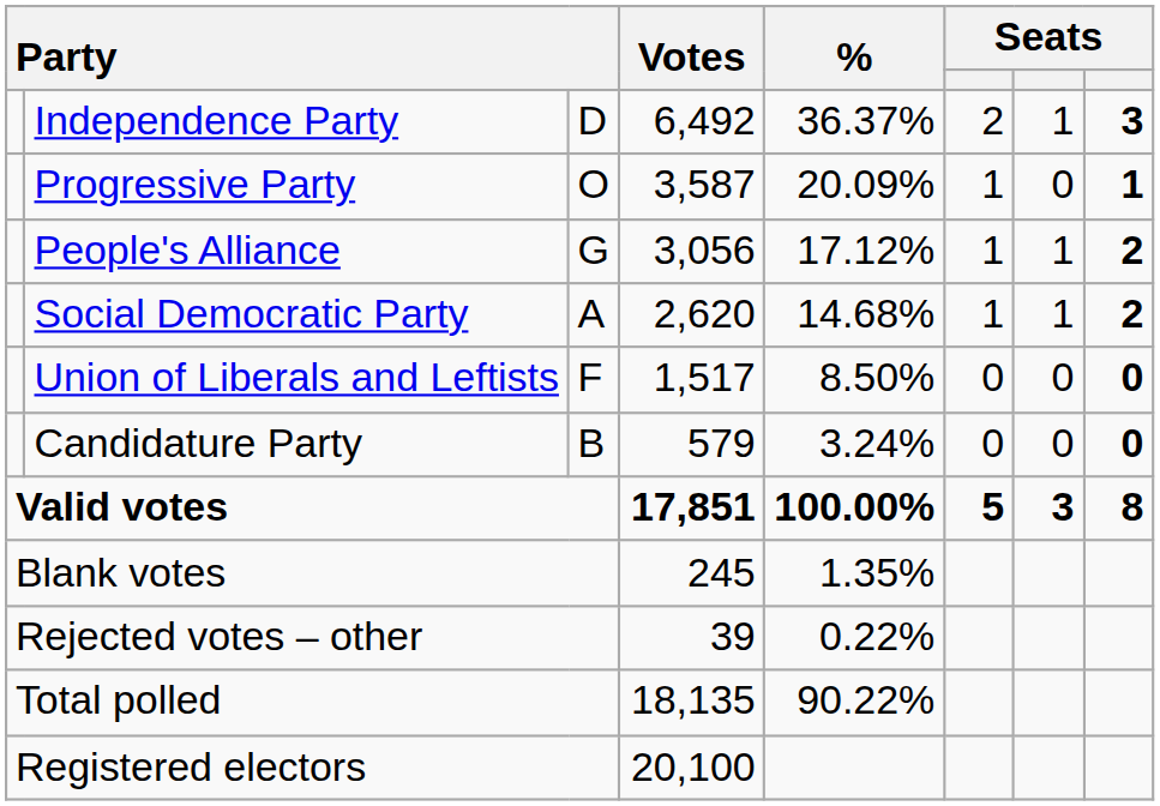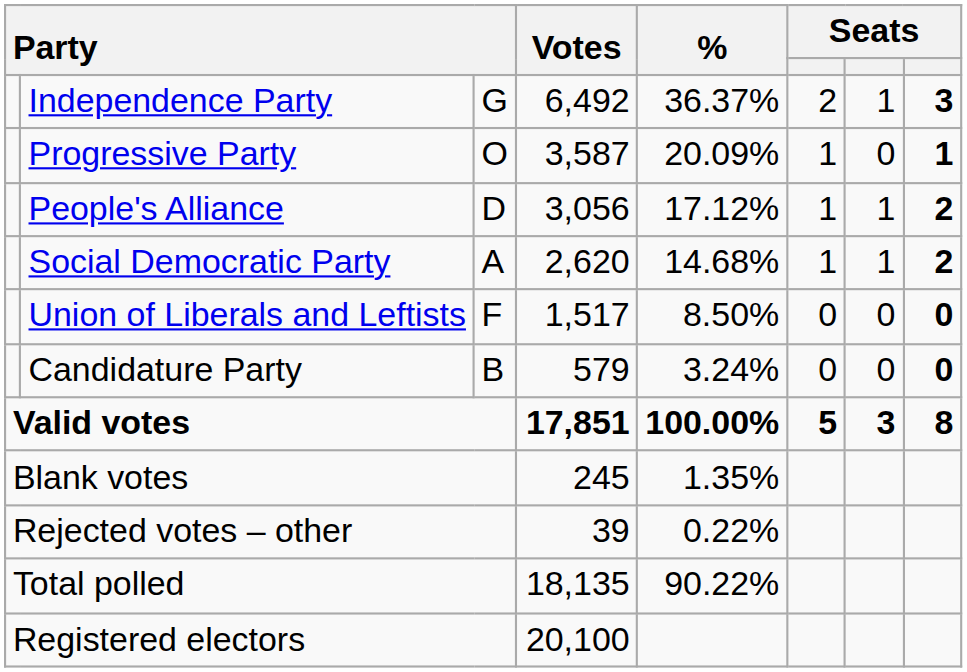 <table class="wikitable" border="1" style="text-align:right;">
 <tr>
 <th style="text-align:left;" valign=bottom rowspan=2 colspan=3>Party</th>
 <th align=center valign=bottom rowspan=2 width="50">Votes</th>
 <th align=center valign=bottom rowspan=2 width="50">%</th>
 <th colspan=3>Seats</th>
 </tr>
 <tr>
 <th align=center valign=bottom width="20"><small></small></th>
 <th align=center valign=bottom width="20"><small><a href='#'></a></small></th>
 <th align=center valign=bottom width="20"><small></small></th>
 </tr>
 <tr>
 <td></td>
 <td align=left><a href='#'>Independence Party</a></td>
-<td align=left>D</td>
+<td align=left>G</td>
 <td>6,492</td>
 <td>36.37%</td>
 <td>2</td>
 <td>1</td>
 <td><strong>3</strong></td>
 </tr>
 <tr>
 <td></td>
 <td align=left><a href='#'>Progressive Party</a></td>
 <td align=left>O</td>
 <td>3,587</td>
 <td>20.09%</td>
 <td>1</td>
 <td>0</td>
 <td><strong>1</strong></td>
 </tr>
 <tr>
 <td></td>
 <td align=left><a href='#'>People's Alliance</a></td>
-<td align=left>G</td>
+<td align=left>D</td>
 <td>3,056</td>
 <td>17.12%</td>
 <td>1</td>
 <td>1</td>
 <td><strong>2</strong></td>
 </tr>
 <tr>
 <td></td>
 <td align=left><a href='#'>Social Democratic Party</a></td>
 <td align=left>A</td>
 <td>2,620</td>
 <td>14.68%</td>
 <td>1</td>
 <td>1</td>
 <td><strong>2</strong></td>
 </tr>
 <tr>
 <td></td>
 <td align=left><a href='#'>Union of Liberals and Leftists</a></td>
 <td align=left>F</td>
 <td>1,517</td>
 <td>8.50%</td>
 <td>0</td>
 <td>0</td>
 <td><strong>0</strong></td>
 </tr>
 <tr>
 <td></td>
 <td align=left>Candidature Party</td>
 <td align=left>B</td>
 <td>579</td>
 <td>3.24%</td>
 <td>0</td>
 <td>0</td>
 <td><strong>0</strong></td>
 </tr>
 <tr style="font-weight:bold">
 <td align=left colspan=3>Valid votes</td>
 <td>17,851</td>
 <td>100.00%</td>
 <td>5</td>
 <td>3</td>
 <td>8</td>
 </tr>
 <tr>
 <td align=left colspan=3>Blank votes</td>
 <td>245</td>
 <td>1.35%</td>
 <td></td>
 <td></td>
 <td></td>
 </tr>
 <tr>
 <td align=left colspan=3>Rejected votes – other</td>
 <td>39</td>
 <td>0.22%</td>
 <td></td>
 <td></td>
 <td></td>
 </tr>
 <tr>
 <td align=left colspan=3>Total polled</td>
 <td>18,135</td>
 <td>90.22%</td>
 <td></td>
 <td></td>
 <td></td>
 </tr>
 <tr>
 <td align=left colspan=3>Registered electors</td>
 <td>20,100</td>
 <td></td>
 <td></td>
 <td></td>
 <td></td>
 </tr>
 </table>
